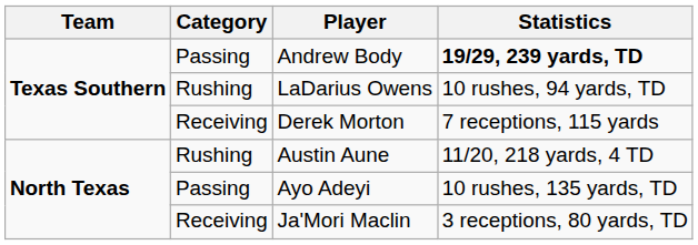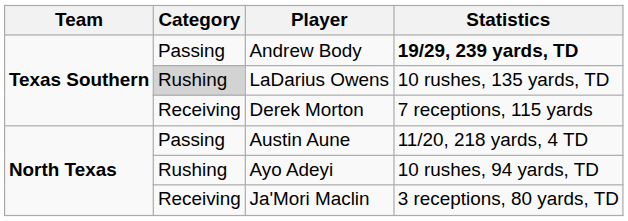 <table class="wikitable" style="float: left;">
 <tr>
 <th>Team</th>
 <th>Category</th>
 <th>Player</th>
 <th>Statistics</th>
 </tr>
 <tr>
 <td rowspan=3><strong>Texas Southern</strong></td>
 <td>Passing</td>
 <td>Andrew Body</td>
 <td><strong>19/29, 239 yards, TD</strong></td>
 </tr>
 <tr>
-<td>Rushing</td>
+<td style="background: lightgrey;">Rushing</td>
 <td>LaDarius Owens</td>
-<td>10 rushes, 94 yards, TD</td>
+<td>10 rushes, 135 yards, TD</td>
 </tr>
 <tr>
 <td>Receiving</td>
 <td>Derek Morton</td>
 <td>7 receptions, 115 yards</td>
 </tr>
 <tr>
 <td rowspan=3><strong>North Texas</strong></td>
-<td>Rushing</td>
+<td>Passing</td>
 <td>Austin Aune</td>
 <td>11/20, 218 yards, 4 TD</td>
 </tr>
 <tr>
-<td>Passing</td>
+<td>Rushing</td>
 <td>Ayo Adeyi</td>
-<td>10 rushes, 135 yards, TD</td>
+<td>10 rushes, 94 yards, TD</td>
 </tr>
 <tr>
 <td>Receiving</td>
 <td>Ja'Mori Maclin</td>
 <td>3 receptions, 80 yards, TD</td>
 </tr>
 </table>
